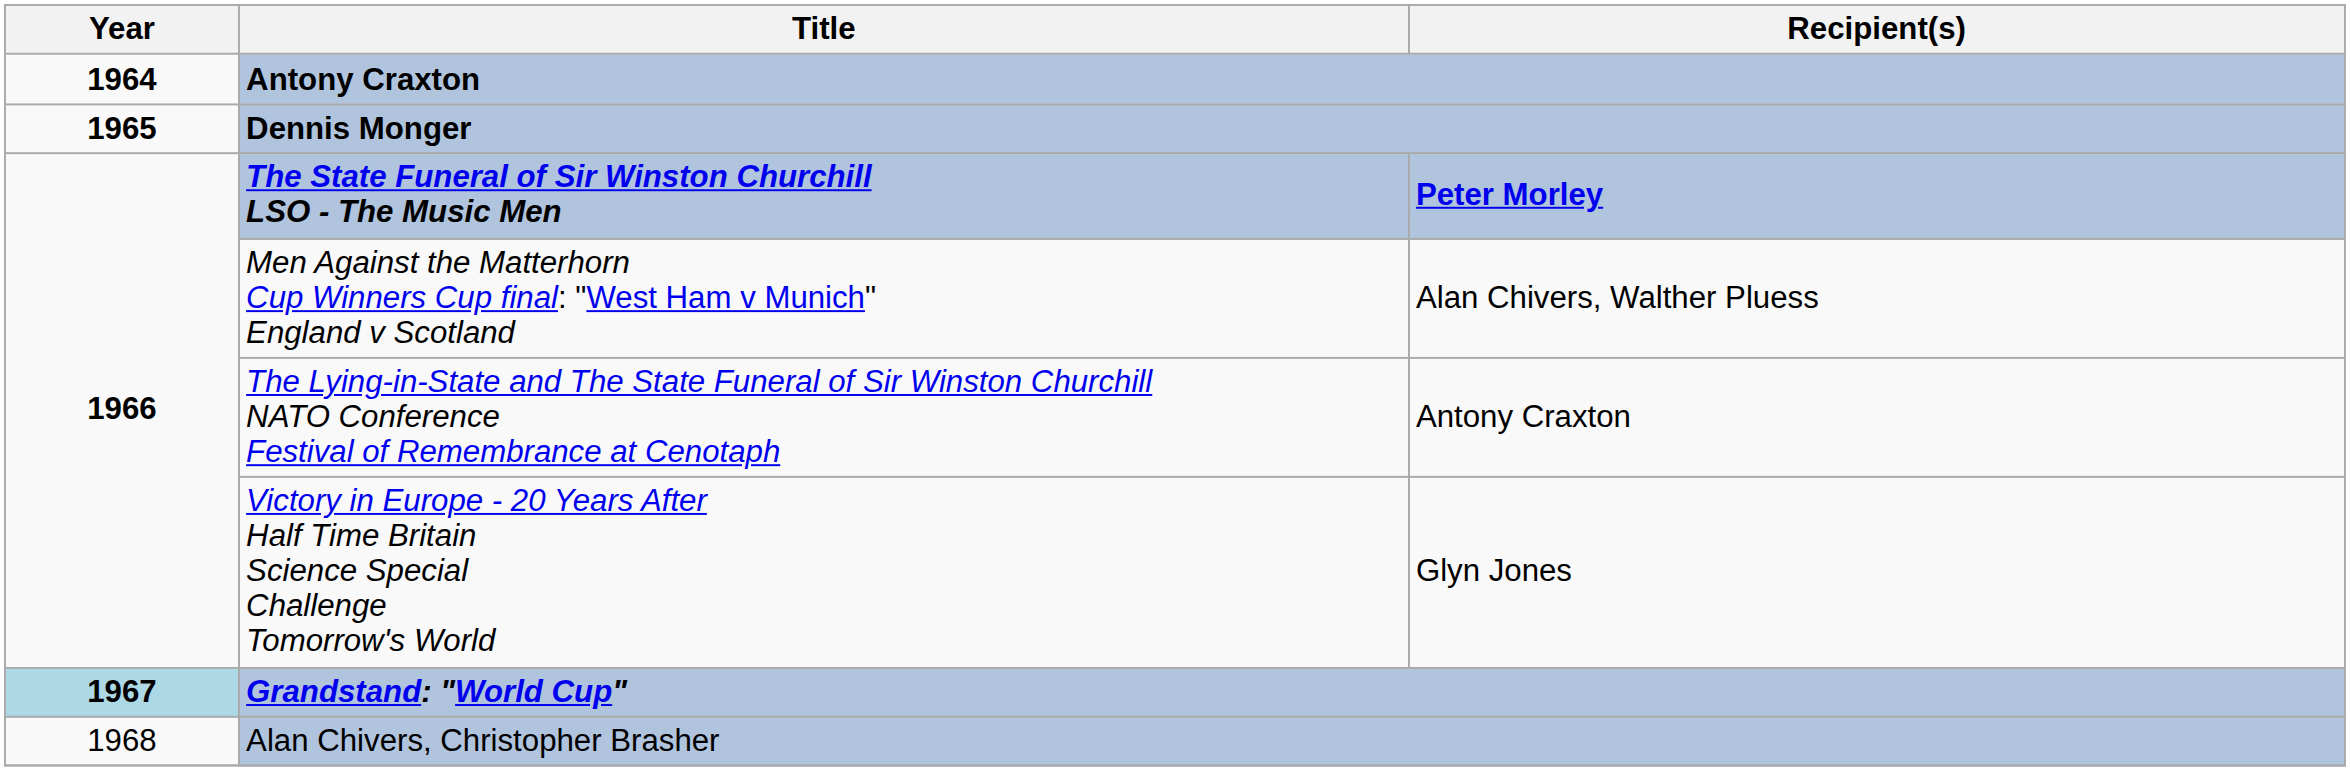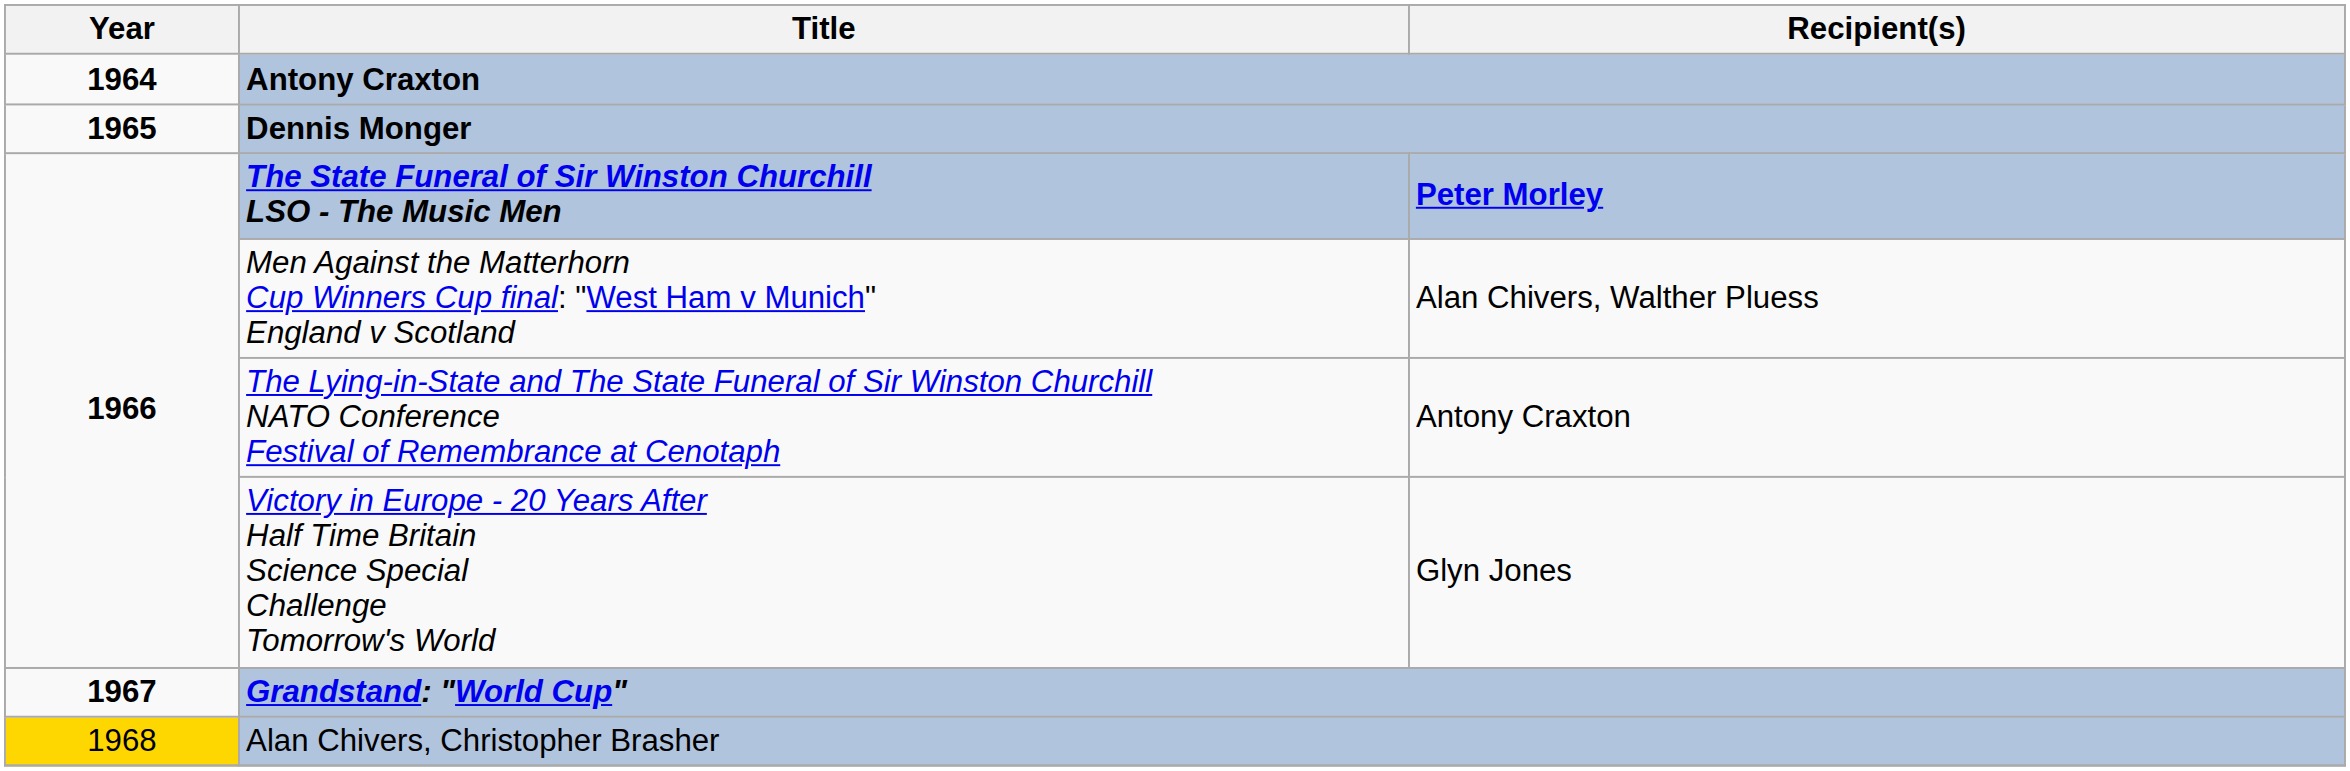 <table class="wikitable" width="95%">
 <tr>
 <th width=5%>Year</th>
 <th width=25%><strong>Title</strong></th>
 <th width=20%><strong>Recipient(s)</strong></th>
 </tr>
 <tr>
 <td rowspan="1" style="text-align:center;"><strong>1964</strong></td>
 <td colspan="2" style="background:#B0C4DE;"><strong>Antony Craxton</strong></td>
 </tr>
 <tr>
 <td rowspan="1" style="text-align:center;"><strong>1965</strong></td>
 <td colspan="2" style="background:#B0C4DE;"><strong>Dennis Monger</strong></td>
 </tr>
 <tr>
 <td rowspan="4" style="text-align:center;"><strong>1966</strong></td>
 <td style="background:#B0C4DE;"><strong><em><a href='#'>The State Funeral of Sir Winston Churchill</a><br>LSO - The Music Men</em></strong></td>
 <td style="background:#B0C4DE;"><strong><a href='#'>Peter Morley</a></strong></td>
 </tr>
 <tr>
 <td><em>Men Against the Matterhorn</em><br><em><a href='#'>Cup Winners Cup final</a></em>: "<a href='#'>West Ham v Munich</a>"<br><em>England v Scotland</em></td>
 <td>Alan Chivers, Walther Pluess</td>
 </tr>
 <tr>
 <td><em><a href='#'>The Lying-in-State and The State Funeral of Sir Winston Churchill</a><br>NATO Conference<br><a href='#'>Festival of Remembrance at Cenotaph</a></em></td>
 <td>Antony Craxton</td>
 </tr>
 <tr>
 <td><em><a href='#'>Victory in Europe - 20 Years After</a><br>Half Time Britain<br>Science Special<br>Challenge<br>Tomorrow's World</em></td>
 <td>Glyn Jones</td>
 </tr>
 <tr>
-<td rowspan="1" style="background: lightblue; text-align:center;"><strong>1967</strong></td>
+<td rowspan="1" style="text-align:center;"><strong>1967</strong></td>
 <td colspan="2" style="background:#B0C4DE;"><strong><em><a href='#'>Grandstand</a><em>: "<a href='#'>World Cup</a>"<strong></td>
 </tr>
 <tr>
-<td rowspan="1" style="text-align:center;"></strong>1968<strong></td>
+<td rowspan="1" style="background: gold; text-align:center;"></strong>1968<strong></td>
 <td colspan="2" style="background:#B0C4DE;"></em></strong>Alan Chivers, Christopher Brasher<strong><em></td>
 </tr>
 <tr>
 </tr>
 </table>
